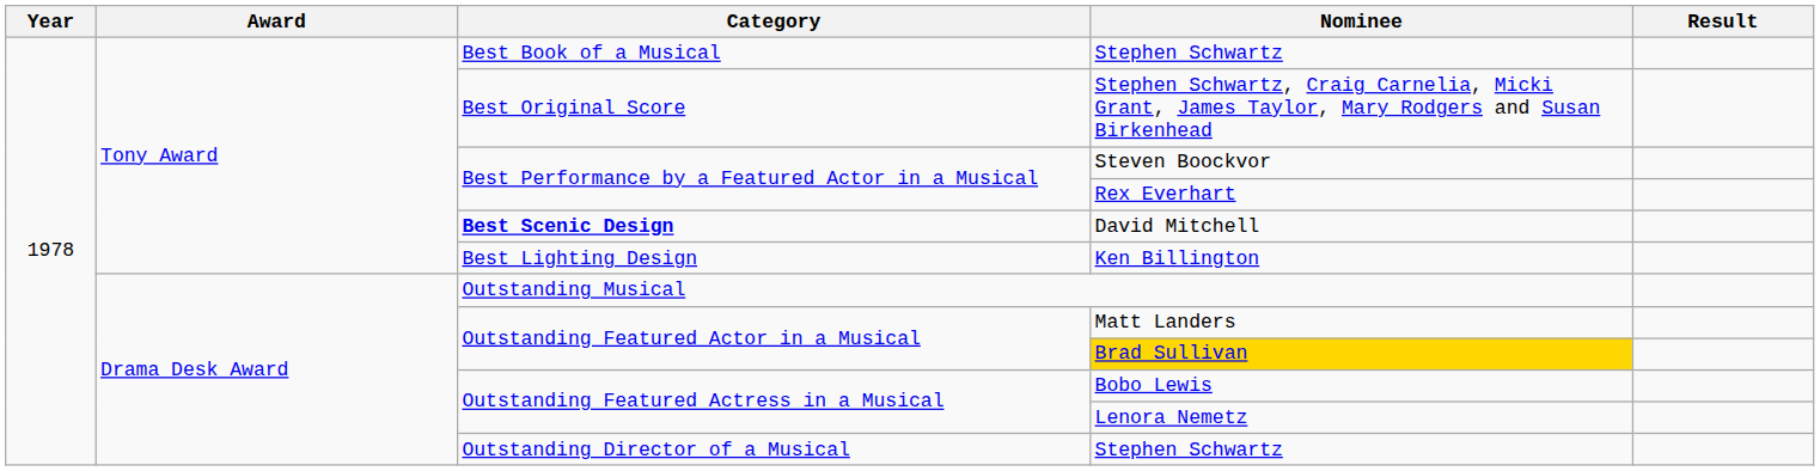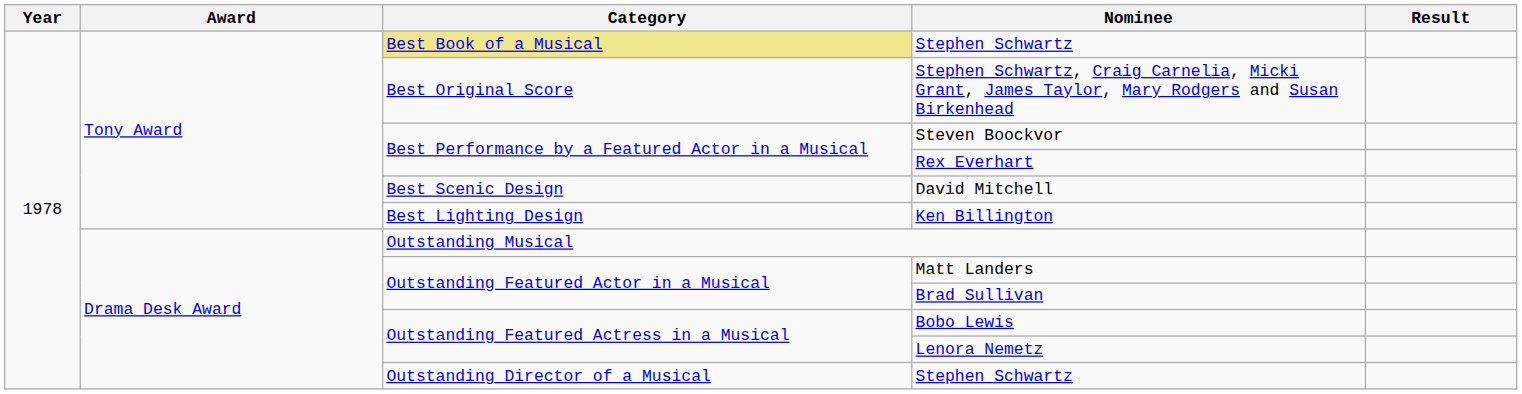 <table class="wikitable" width="95%">
 <tr>
 <th width="5%">Year</th>
 <th width="20%">Award</th>
 <th width="35%">Category</th>
 <th width="30%">Nominee</th>
 <th width="10%">Result</th>
 </tr>
 <tr>
 <td rowspan="12" align="center">1978</td>
 <td rowspan="6"><a href='#'>Tony Award</a></td>
-<td><a href='#'>Best Book of a Musical</a></td>
+<td style="background: khaki;"><a href='#'>Best Book of a Musical</a></td>
 <td><a href='#'>Stephen Schwartz</a></td>
 <td></td>
 </tr>
 <tr>
 <td><a href='#'>Best Original Score</a></td>
 <td><a href='#'>Stephen Schwartz</a>, <a href='#'>Craig Carnelia</a>, <a href='#'>Micki Grant</a>, <a href='#'>James Taylor</a>, <a href='#'>Mary Rodgers</a> and <a href='#'>Susan Birkenhead</a></td>
 <td></td>
 </tr>
 <tr>
 <td rowspan="2"><a href='#'>Best Performance by a Featured Actor in a Musical</a></td>
 <td>Steven Boockvor</td>
 <td></td>
 </tr>
 <tr>
 <td><a href='#'>Rex Everhart</a></td>
 <td></td>
 </tr>
 <tr>
-<td><strong><a href='#'>Best Scenic Design</a></strong></td>
+<td><a href='#'>Best Scenic Design</a></td>
 <td>David Mitchell</td>
 <td></td>
 </tr>
 <tr>
 <td><a href='#'>Best Lighting Design</a></td>
 <td><a href='#'>Ken Billington</a></td>
 <td></td>
 </tr>
 <tr>
 <td rowspan="6"><a href='#'>Drama Desk Award</a></td>
 <td colspan="2"><a href='#'>Outstanding Musical</a></td>
 <td></td>
 </tr>
 <tr>
 <td rowspan="2"><a href='#'>Outstanding Featured Actor in a Musical</a></td>
 <td>Matt Landers</td>
 <td></td>
 </tr>
 <tr>
-<td style="background: gold;"><a href='#'>Brad Sullivan</a></td>
+<td><a href='#'>Brad Sullivan</a></td>
 <td></td>
 </tr>
 <tr>
 <td rowspan="2"><a href='#'>Outstanding Featured Actress in a Musical</a></td>
 <td><a href='#'>Bobo Lewis</a></td>
 <td></td>
 </tr>
 <tr>
 <td><a href='#'>Lenora Nemetz</a></td>
 <td></td>
 </tr>
 <tr>
 <td><a href='#'>Outstanding Director of a Musical</a></td>
 <td><a href='#'>Stephen Schwartz</a></td>
 <td></td>
 </tr>
 </table>
